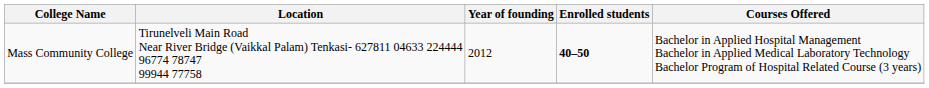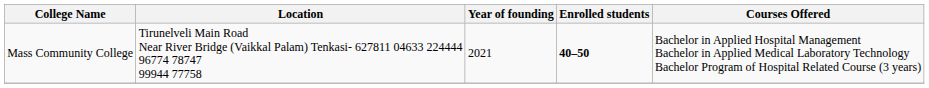 <table class="wikitable">
 <tr>
 <th>College Name</th>
 <th>Location</th>
 <th>Year of founding</th>
 <th>Enrolled students</th>
 <th>Courses Offered</th>
 </tr>
 <tr>
 <td>Mass Community College</td>
 <td>Tirunelveli Main Road<br>Near River Bridge (Vaikkal Palam) Tenkasi- 627811 04633 224444<br>96774 78747<br>99944 77758</td>
-<td>2012</td>
+<td>2021</td>
 <td><strong>40–50</strong></td>
 <td>Bachelor in Applied Hospital Management<br>Bachelor in Applied Medical Laboratory Technology<br>Bachelor Program of Hospital Related Course (3 years)</td>
 </tr>
 <tr>
 </tr>
 </table>
